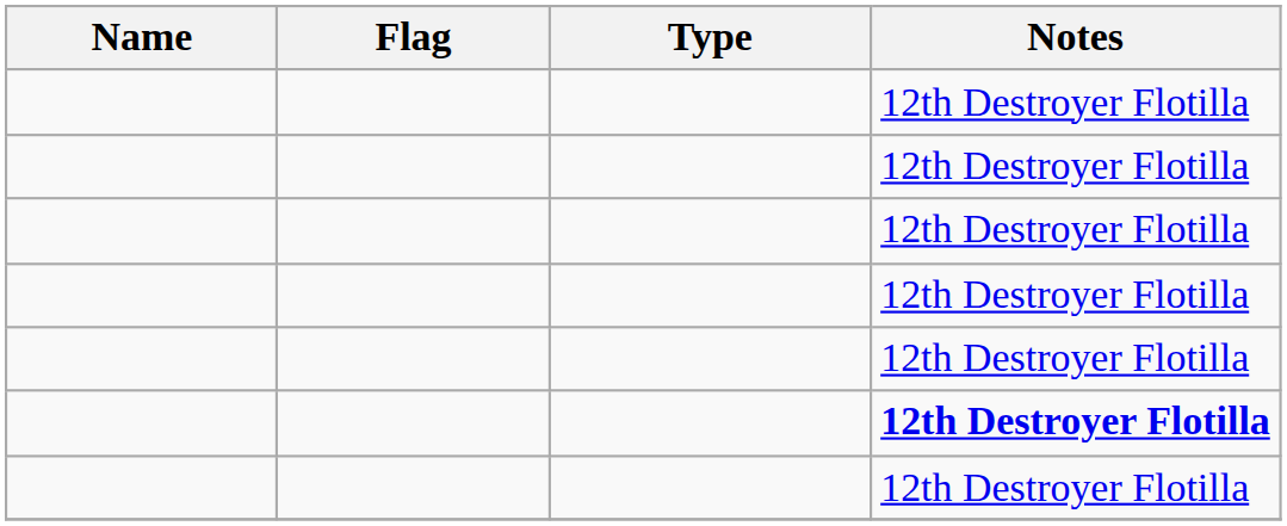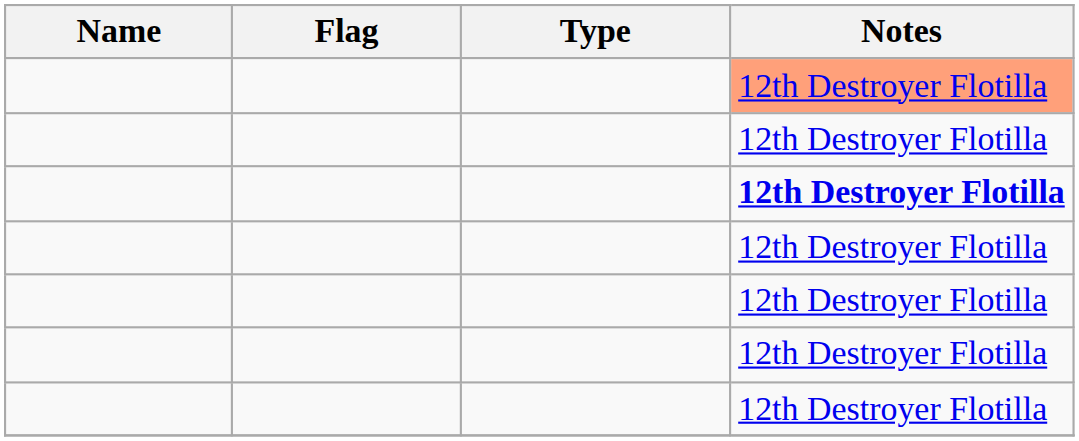 <table class="wikitable sortable">
 <tr>
 <th scope="col" width="100px">Name</th>
 <th scope="col" width="100px">Flag</th>
 <th scope="col" width="120px">Type</th>
 <th>Notes</th>
+</tr>
+<tr>
+<td align="left"></td>
+<td align="left"></td>
+<td align="left"></td>
+<td align="left" style="background: lightsalmon;"><a href='#'>12th Destroyer Flotilla</a></td>
+</tr>
+<tr>
+<td align="left"></td>
+<td align="left"></td>
+<td align="left"></td>
+<td align="left"><a href='#'>12th Destroyer Flotilla</a></td>
+</tr>
+<tr>
+<td align="left"></td>
+<td align="left"></td>
+<td align="left"></td>
+<td align="left"><strong><a href='#'>12th Destroyer Flotilla</a></strong></td>
 </tr>
 <tr>
 <td align="left"></td>
 <td align="left"></td>
 <td align="left"></td>
 <td align="left"><a href='#'>12th Destroyer Flotilla</a></td>
 </tr>
 <tr>
 <td align="left"></td>
 <td align="left"></td>
 <td align="left"></td>
 <td align="left"><a href='#'>12th Destroyer Flotilla</a></td>
 </tr>
 <tr>
 <td align="left"></td>
 <td align="left"></td>
 <td align="left"></td>
 <td align="left"><a href='#'>12th Destroyer Flotilla</a></td>
 </tr>
 <tr>
 <td align="left"></td>
 <td align="left"></td>
 <td align="left"></td>
 <td align="left"><a href='#'>12th Destroyer Flotilla</a></td>
 </tr>
 <tr>
-<td align="left"></td>
-<td align="left"></td>
-<td align="left"></td>
-<td align="left"><a href='#'>12th Destroyer Flotilla</a></td>
-</tr>
-<tr>
-<td align="left"></td>
-<td align="left"></td>
-<td align="left"></td>
-<td align="left"><strong><a href='#'>12th Destroyer Flotilla</a></strong></td>
-</tr>
-<tr>
-<td align="left"></td>
-<td align="left"></td>
-<td align="left"></td>
-<td align="left"><a href='#'>12th Destroyer Flotilla</a></td>
-</tr>
-<tr>
 </tr>
 </table>
